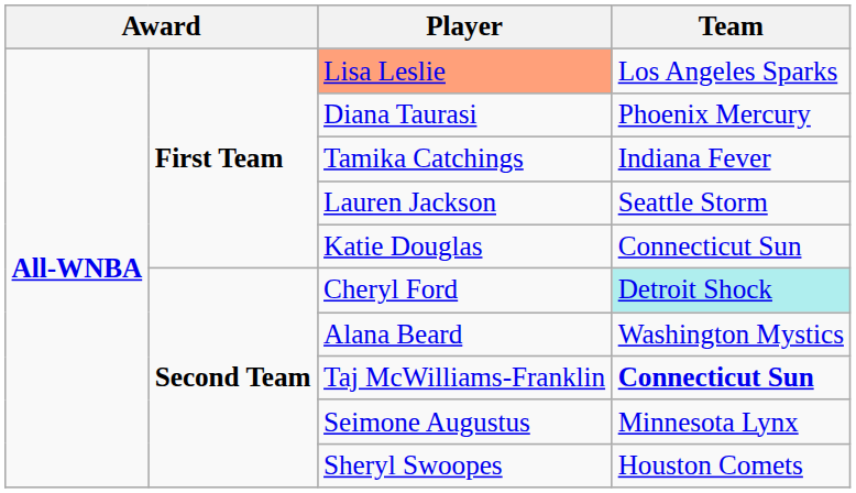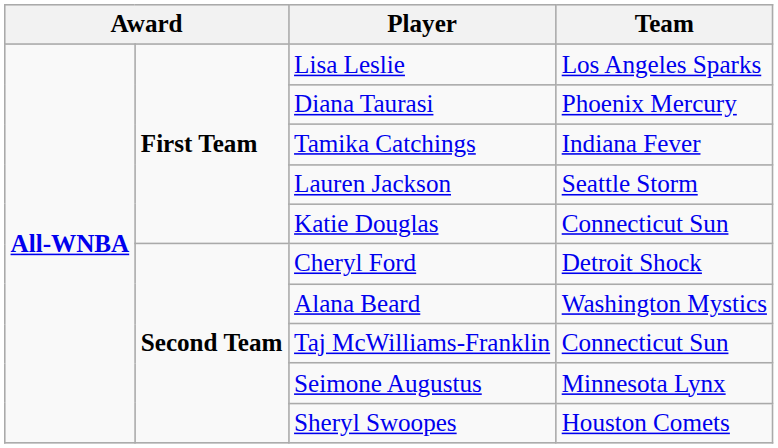 <table class="wikitable">
 <tr>
 <th colspan=2>Award</th>
 <th>Player</th>
 <th>Team</th>
 </tr>
 <tr>
 <td rowspan=10><strong><a href='#'>All-WNBA</a></strong></td>
 <td rowspan=5><strong>First Team</strong></td>
-<td style="background: lightsalmon;"><a href='#'>Lisa Leslie</a></td>
+<td><a href='#'>Lisa Leslie</a></td>
 <td><a href='#'>Los Angeles Sparks</a></td>
 </tr>
 <tr>
 <td><a href='#'>Diana Taurasi</a></td>
 <td><a href='#'>Phoenix Mercury</a></td>
 </tr>
 <tr>
 <td><a href='#'>Tamika Catchings</a></td>
 <td><a href='#'>Indiana Fever</a></td>
 </tr>
 <tr>
 <td><a href='#'>Lauren Jackson</a></td>
 <td><a href='#'>Seattle Storm</a></td>
 </tr>
 <tr>
 <td><a href='#'>Katie Douglas</a></td>
 <td><a href='#'>Connecticut Sun</a></td>
 </tr>
 <tr>
 <td rowspan=5><strong>Second Team</strong></td>
 <td><a href='#'>Cheryl Ford</a></td>
-<td style="background: paleturquoise;"><a href='#'>Detroit Shock</a></td>
+<td><a href='#'>Detroit Shock</a></td>
 </tr>
 <tr>
 <td><a href='#'>Alana Beard</a></td>
 <td><a href='#'>Washington Mystics</a></td>
 </tr>
 <tr>
 <td><a href='#'>Taj McWilliams-Franklin</a></td>
-<td><strong><a href='#'>Connecticut Sun</a></strong></td>
+<td><a href='#'>Connecticut Sun</a></td>
 </tr>
 <tr>
 <td><a href='#'>Seimone Augustus</a></td>
 <td><a href='#'>Minnesota Lynx</a></td>
 </tr>
 <tr>
 <td><a href='#'>Sheryl Swoopes</a></td>
 <td><a href='#'>Houston Comets</a></td>
 </tr>
 </table>
